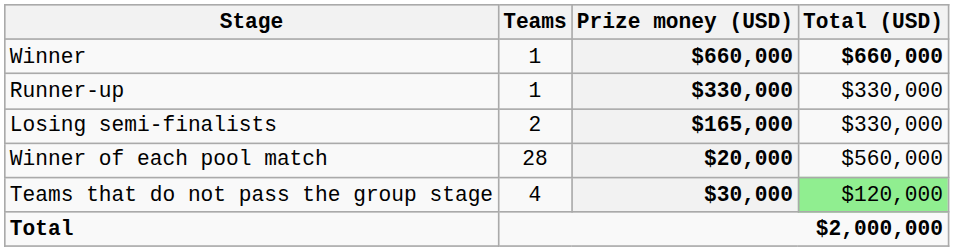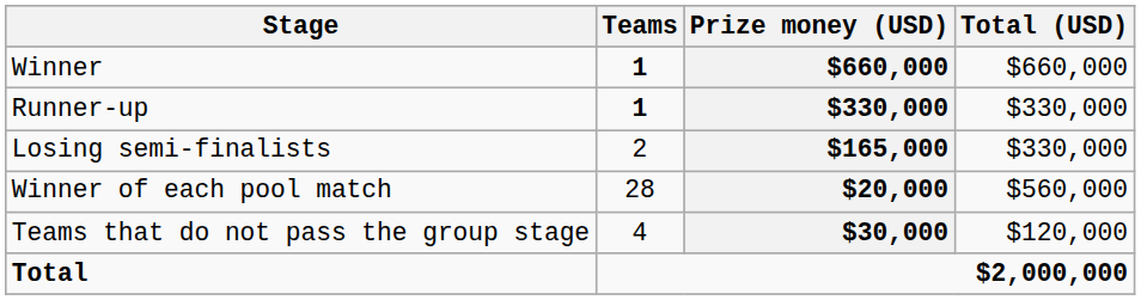 <table class="wikitable plainrowheaders">
 <tr>
 <th scope=col>Stage</th>
 <th scope=col>Teams</th>
 <th scope=col>Prize money (USD)</th>
 <th scope=col>Total (USD)</th>
 </tr>
 <tr>
 <td>Winner</td>
-<td align=center>1</td>
+<td align=center><strong>1</strong></td>
 <th scope=row style=text-align:right;>$660,000</th>
-<td align=right><strong>$660,000</strong></td>
+<td align=right>$660,000</td>
 </tr>
 <tr>
 <td>Runner-up</td>
-<td align=center>1</td>
+<td align=center><strong>1</strong></td>
 <th scope=row style=text-align:right;>$330,000</th>
 <td align=right>$330,000</td>
 </tr>
 <tr>
 <td>Losing semi-finalists</td>
 <td align=center>2</td>
 <th scope=row style=text-align:right;>$165,000</th>
 <td align=right>$330,000</td>
 </tr>
 <tr>
 <td>Winner of each pool match</td>
 <td align=center>28</td>
 <th scope=row style=text-align:right;>$20,000</th>
 <td align=right>$560,000</td>
 </tr>
 <tr>
 <td>Teams that do not pass the group stage</td>
 <td align=center>4</td>
 <th scope=row style=text-align:right;>$30,000</th>
-<td align=right style="background: lightgreen;">$120,000</td>
+<td align=right>$120,000</td>
 </tr>
 <tr>
 <td><strong>Total</strong></td>
 <td colspan=3 align=right><strong>$2,000,000</strong></td>
 </tr>
 </table>
